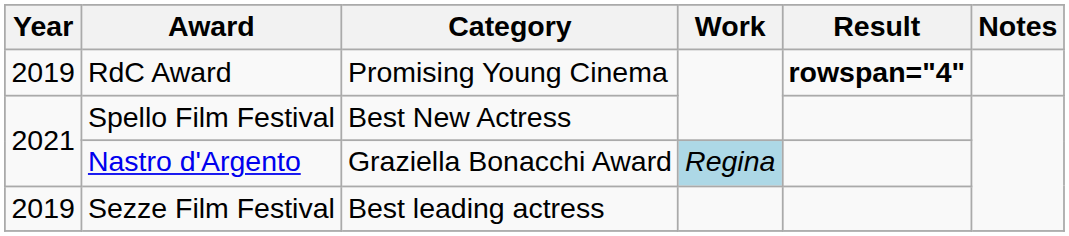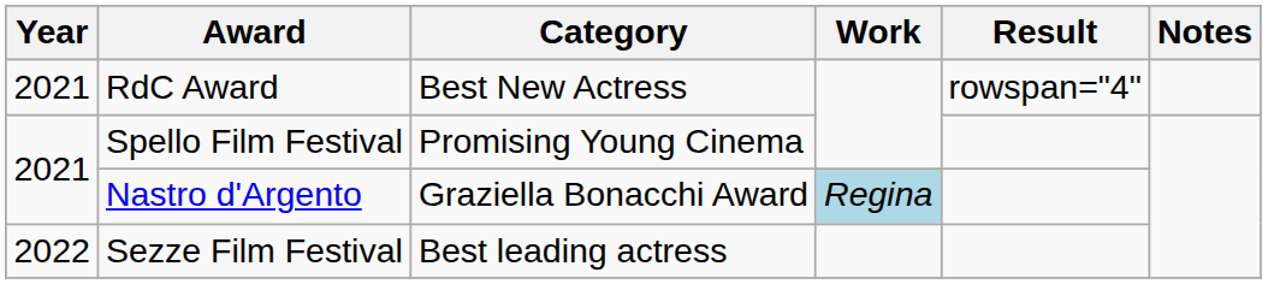 <table class="wikitable">
 <tr>
 <th>Year</th>
 <th>Award</th>
 <th>Category</th>
 <th>Work</th>
 <th>Result</th>
 <th>Notes</th>
 </tr>
 <tr>
-<td>2019</td>
+<td>2021</td>
 <td>RdC Award</td>
-<td>Promising Young Cinema</td>
+<td>Best New Actress</td>
 <td rowspan="2"></td>
-<td><strong>rowspan="4" </strong></td>
+<td>rowspan="4" </td>
 <td></td>
 </tr>
 <tr>
 <td rowspan="2">2021</td>
 <td>Spello Film Festival</td>
-<td>Best New Actress</td>
+<td>Promising Young Cinema</td>
 <td></td>
 </tr>
 <tr>
 <td><a href='#'>Nastro d'Argento</a></td>
 <td>Graziella Bonacchi Award</td>
 <td style="background: lightblue;"><em>Regina</em></td>
 <td></td>
 </tr>
 <tr>
-<td>2019</td>
+<td>2022</td>
 <td>Sezze Film Festival</td>
 <td>Best leading actress</td>
 <td></td>
 <td></td>
 </tr>
 </table>
